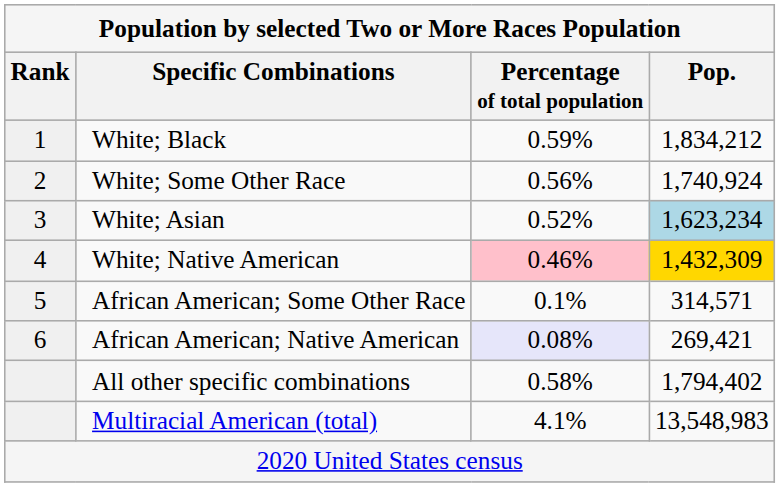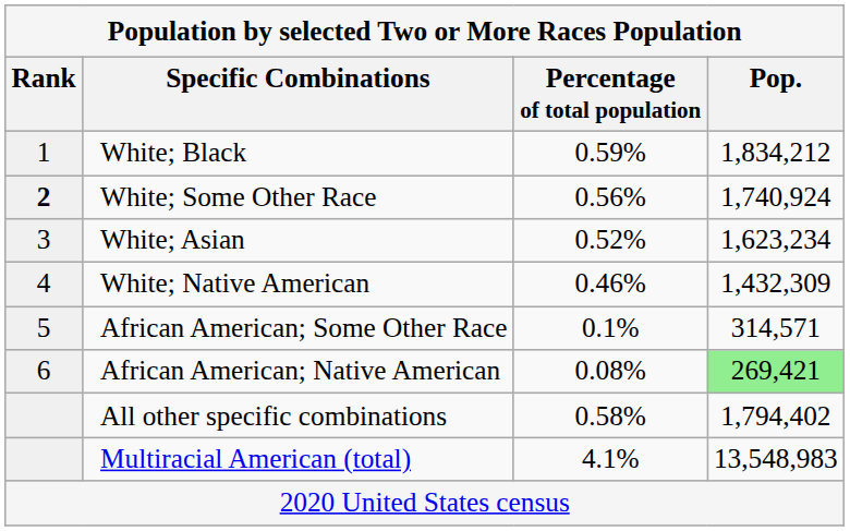 <table class="wikitable" style="text-align:center; margin-right:10px; font-size:100%">
 <tr>
 <th colspan="5" style="padding:0.3em 0; line-height:1.2em; background:#f5f5f5;">Population by selected Two or More Races Population</th>
 </tr>
 <tr style="background:#f5f5f5;" valign="top">
 <th>Rank</th>
 <th>Specific Combinations</th>
 <th>Percentage<br><small>of total population</small></th>
 <th>Pop.</th>
 </tr>
 <tr valign="top">
 <td style="background:#f0f0f0; text-align: center;">1</td>
 <td style="text-align: left; padding-left: 10px;">White; Black</td>
 <td>0.59%</td>
 <td>1,834,212</td>
 </tr>
 <tr valign="top">
-<td style="background:#f0f0f0; text-align: center;">2</td>
+<td style="background:#f0f0f0; text-align: center;"><strong>2</strong></td>
 <td style="text-align: left; padding-left: 10px;">White; Some Other Race</td>
 <td>0.56%</td>
 <td>1,740,924</td>
 </tr>
 <tr valign="top">
 <td style="background:#f0f0f0; text-align: center;">3</td>
 <td style="text-align: left; padding-left: 10px;">White; Asian</td>
 <td>0.52%</td>
-<td style="background: lightblue;">1,623,234</td>
+<td>1,623,234</td>
 </tr>
 <tr valign="top">
 <td style="background:#f0f0f0; text-align: center;">4</td>
 <td style="text-align: left; padding-left: 10px;">White; Native American</td>
-<td style="background: pink;">0.46%</td>
-<td style="background: gold;">1,432,309</td>
+<td>0.46%</td>
+<td>1,432,309</td>
 </tr>
 <tr valign="top">
 <td style="background:#f0f0f0; text-align: center;">5</td>
 <td style="text-align: left; padding-left: 10px;">African American; Some Other Race</td>
 <td>0.1%</td>
 <td>314,571</td>
 </tr>
 <tr valign="top">
 <td style="background:#f0f0f0; text-align: center;">6</td>
 <td style="text-align: left; padding-left: 10px;">African American; Native American</td>
-<td style="background: lavender;">0.08%</td>
-<td>269,421</td>
+<td>0.08%</td>
+<td style="background: lightgreen;">269,421</td>
 </tr>
 <tr valign="top">
 <td style="background:#f0f0f0; text-align: center;"></td>
 <td style="text-align: left; padding-left: 10px;">All other specific combinations</td>
 <td>0.58%</td>
 <td>1,794,402</td>
 </tr>
 <tr valign="top">
 <td style="background:#f0f0f0; text-align: center;"></td>
 <td style="text-align: left; padding-left: 10px;"><a href='#'>Multiracial American (total)</a></td>
 <td>4.1%</td>
 <td>13,548,983</td>
 </tr>
 <tr valign="top">
 <td colspan="4" style="background:#f5f5f5; text-align: center;"><a href='#'>2020 United States census</a></td>
 </tr>
 </table>
